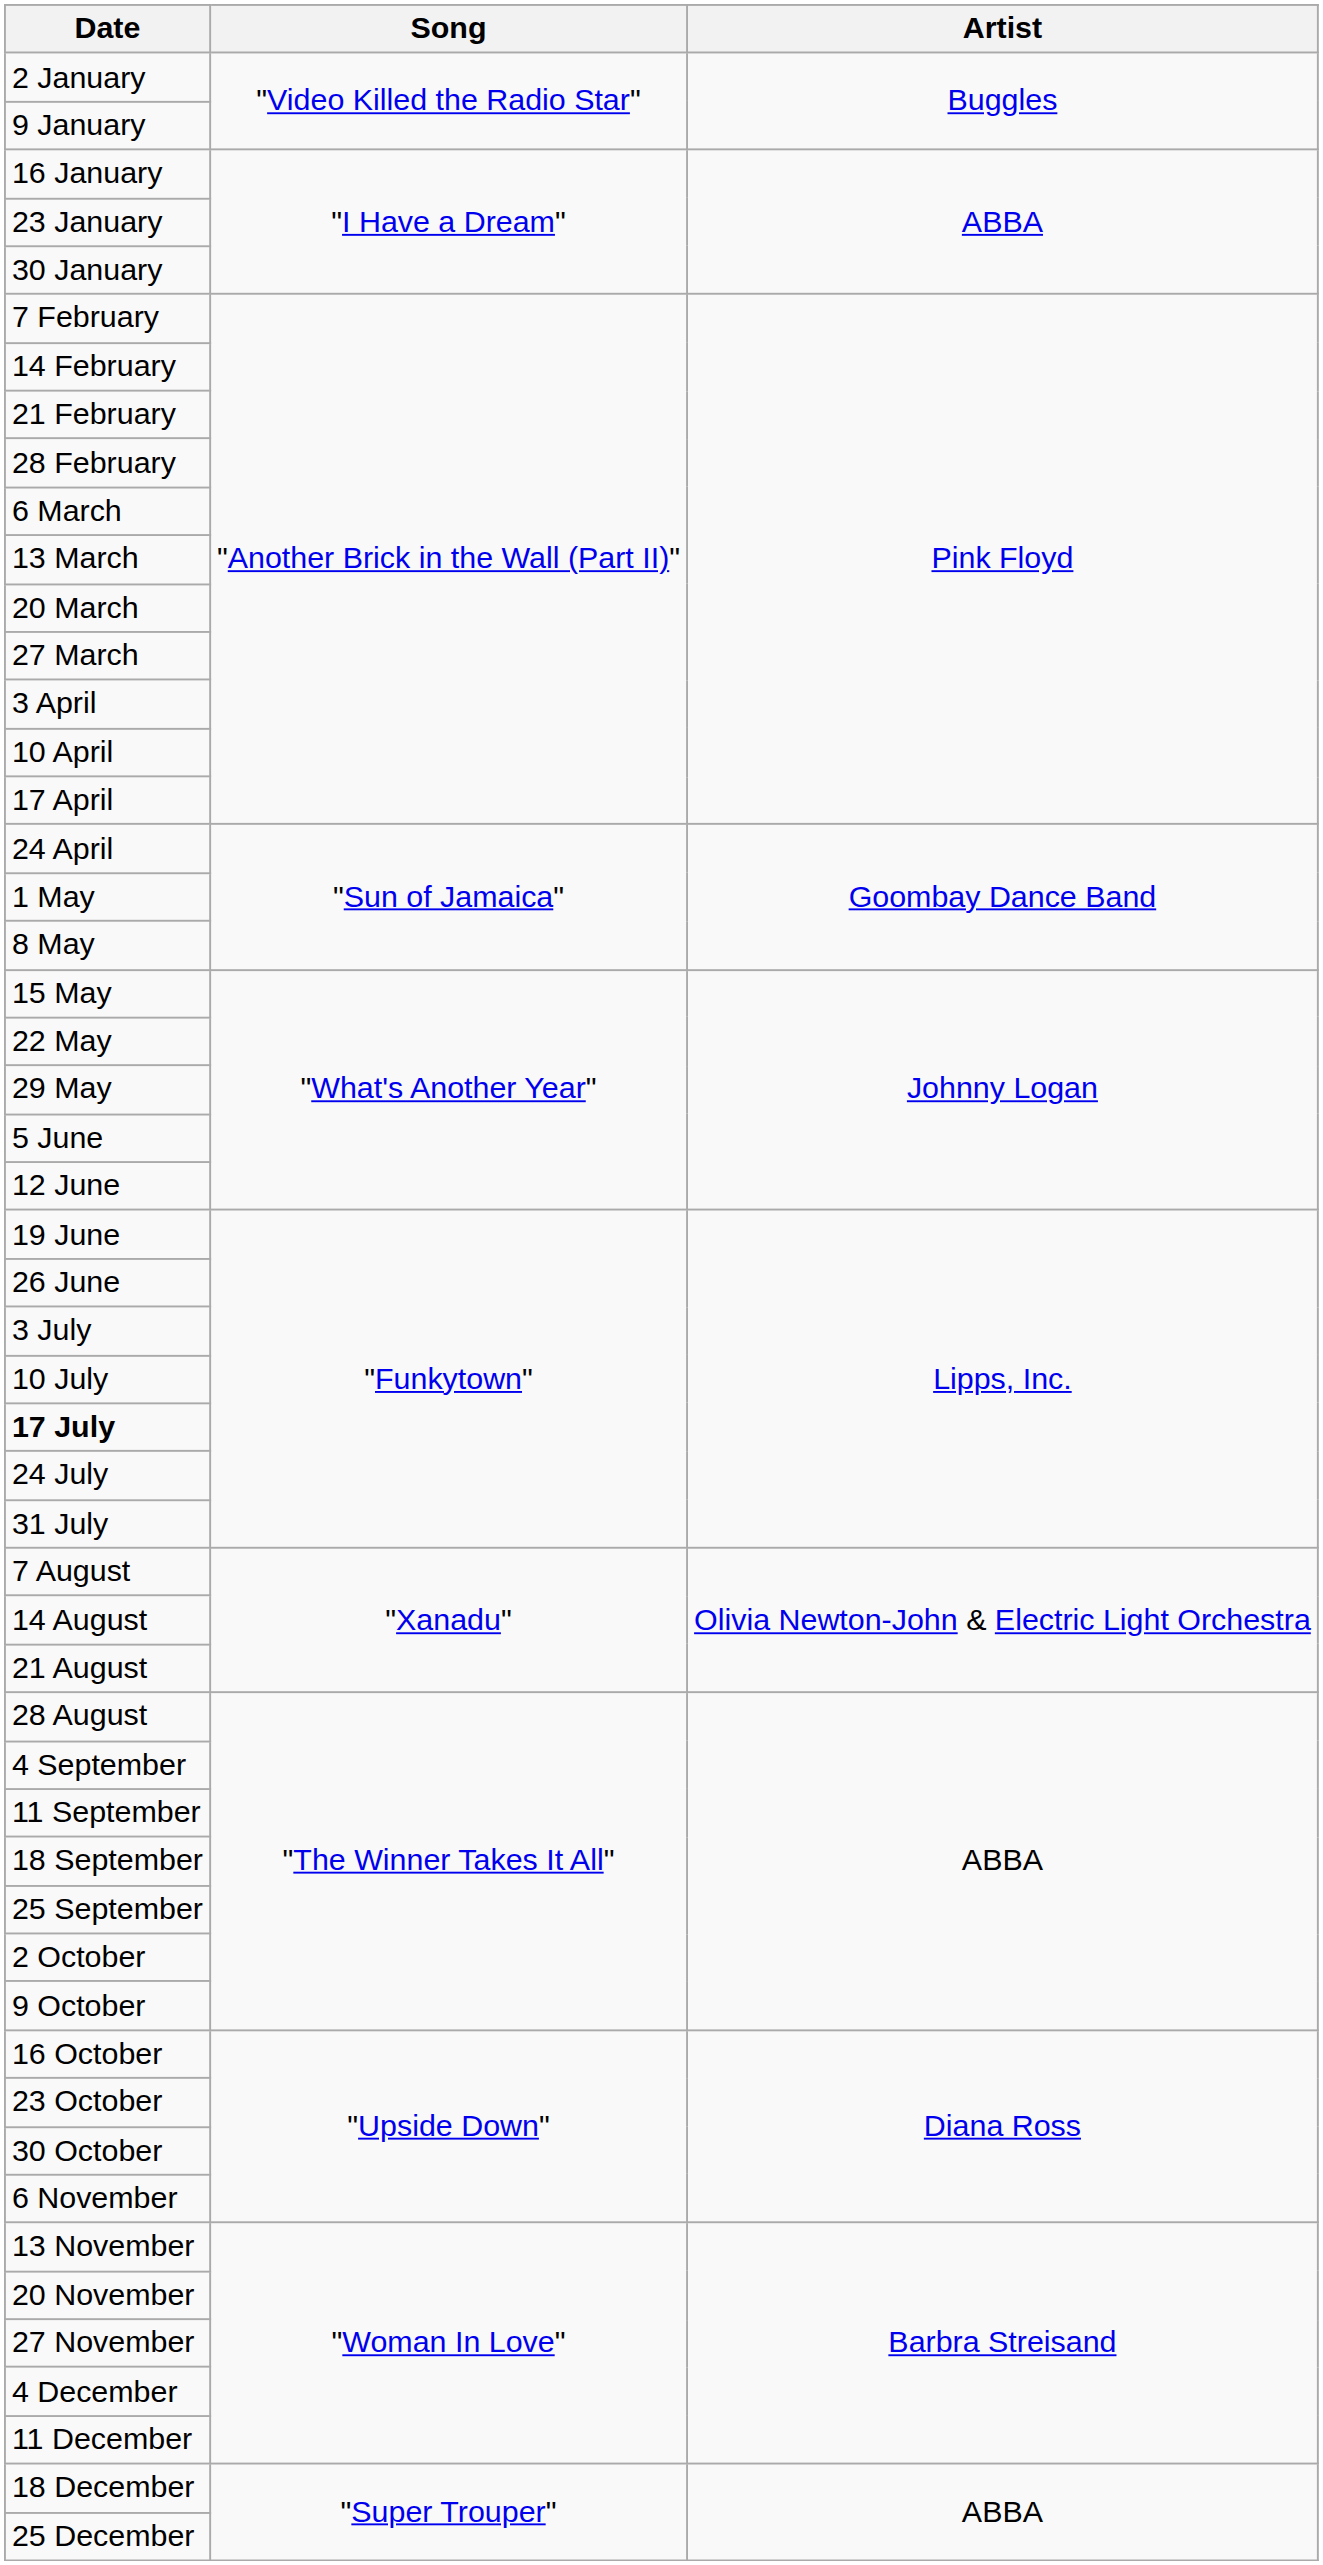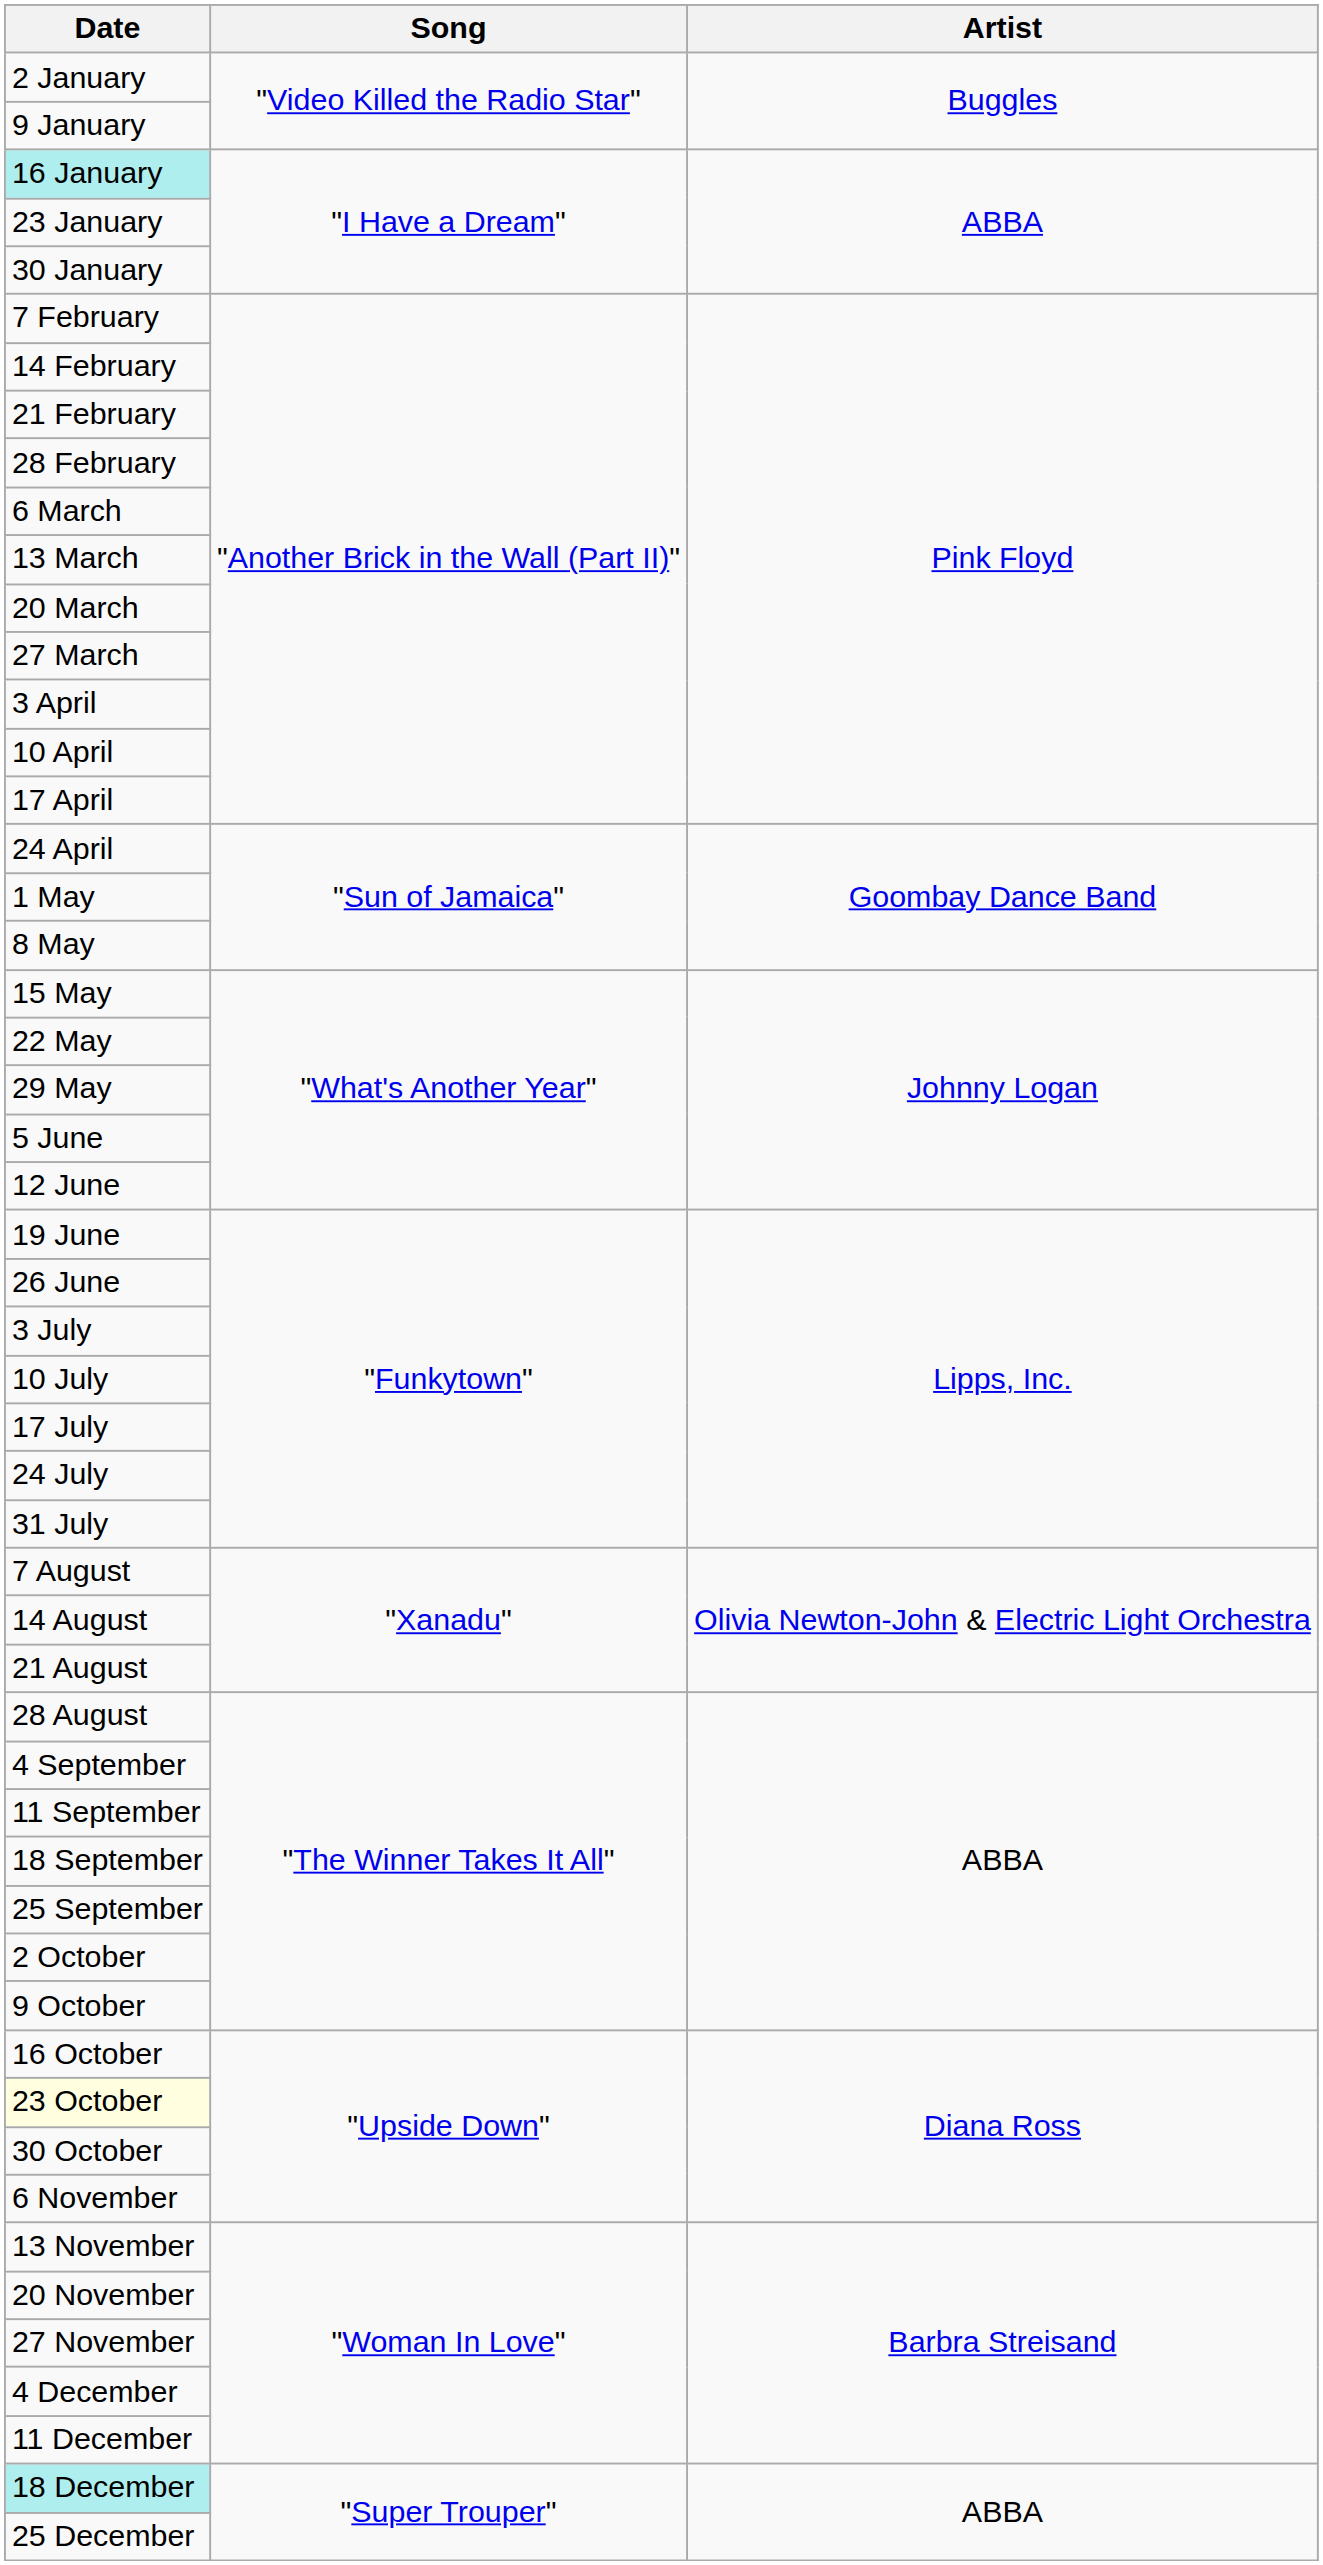 <table class="wikitable">
 <tr>
 <th>Date</th>
 <th>Song</th>
 <th>Artist</th>
 </tr>
 <tr>
 <td>2 January</td>
 <td rowspan="2" align="center">"<a href='#'>Video Killed the Radio Star</a>"</td>
 <td rowspan="2" align="center"><a href='#'>Buggles</a></td>
 </tr>
 <tr>
 <td>9 January</td>
 </tr>
 <tr>
-<td>16 January</td>
+<td style="background: paleturquoise;">16 January</td>
 <td rowspan="3" align="center">"<a href='#'>I Have a Dream</a>"</td>
 <td rowspan="3" align="center"><a href='#'>ABBA</a></td>
 </tr>
 <tr>
 <td>23 January</td>
 </tr>
 <tr>
 <td>30 January</td>
 </tr>
 <tr>
 <td>7 February</td>
 <td rowspan="11" align="center">"<a href='#'>Another Brick in the Wall (Part II)</a>"</td>
 <td rowspan="11" align="center"><a href='#'>Pink Floyd</a></td>
 </tr>
 <tr>
 <td>14 February</td>
 </tr>
 <tr>
 <td>21 February</td>
 </tr>
 <tr>
 <td>28 February</td>
 </tr>
 <tr>
 <td>6 March</td>
 </tr>
 <tr>
 <td>13 March</td>
 </tr>
 <tr>
 <td>20 March</td>
 </tr>
 <tr>
 <td>27 March</td>
 </tr>
 <tr>
 <td>3 April</td>
 </tr>
 <tr>
 <td>10 April</td>
 </tr>
 <tr>
 <td>17 April</td>
 </tr>
 <tr>
 <td>24 April</td>
 <td rowspan="3" align="center">"<a href='#'>Sun of Jamaica</a>"</td>
 <td rowspan="3" align="center"><a href='#'>Goombay Dance Band</a></td>
 </tr>
 <tr>
 <td>1 May</td>
 </tr>
 <tr>
 <td>8 May</td>
 </tr>
 <tr>
 <td>15 May</td>
 <td rowspan="5" align="center">"<a href='#'>What's Another Year</a>"</td>
 <td rowspan="5" align="center"><a href='#'>Johnny Logan</a></td>
 </tr>
 <tr>
 <td>22 May</td>
 </tr>
 <tr>
 <td>29 May</td>
 </tr>
 <tr>
 <td>5 June</td>
 </tr>
 <tr>
 <td>12 June</td>
 </tr>
 <tr>
 <td>19 June</td>
 <td rowspan="7" align="center">"<a href='#'>Funkytown</a>"</td>
 <td rowspan="7" align="center"><a href='#'>Lipps, Inc.</a></td>
 </tr>
 <tr>
 <td>26 June</td>
 </tr>
 <tr>
 <td>3 July</td>
 </tr>
 <tr>
 <td>10 July</td>
 </tr>
 <tr>
-<td><strong>17 July</strong></td>
+<td>17 July</td>
 </tr>
 <tr>
 <td>24 July</td>
 </tr>
 <tr>
 <td>31 July</td>
 </tr>
 <tr>
 <td>7 August</td>
 <td rowspan="3" align="center">"<a href='#'>Xanadu</a>"</td>
 <td rowspan="3" align="center"><a href='#'>Olivia Newton-John</a> & <a href='#'>Electric Light Orchestra</a></td>
 </tr>
 <tr>
 <td>14 August</td>
 </tr>
 <tr>
 <td>21 August</td>
 </tr>
 <tr>
 <td>28 August</td>
 <td rowspan="7" align="center">"<a href='#'>The Winner Takes It All</a>"</td>
 <td rowspan="7" align="center">ABBA</td>
 </tr>
 <tr>
 <td>4 September</td>
 </tr>
 <tr>
 <td>11 September</td>
 </tr>
 <tr>
 <td>18 September</td>
 </tr>
 <tr>
 <td>25 September</td>
 </tr>
 <tr>
 <td>2 October</td>
 </tr>
 <tr>
 <td>9 October</td>
 </tr>
 <tr>
 <td>16 October</td>
 <td rowspan="4" align="center">"<a href='#'>Upside Down</a>"</td>
 <td rowspan="4" align="center"><a href='#'>Diana Ross</a></td>
 </tr>
 <tr>
-<td>23 October</td>
+<td style="background: lightyellow;">23 October</td>
 </tr>
 <tr>
 <td>30 October</td>
 </tr>
 <tr>
 <td>6 November</td>
 </tr>
 <tr>
 <td>13 November</td>
 <td rowspan="5" align="center">"<a href='#'>Woman In Love</a>"</td>
 <td rowspan="5" align="center"><a href='#'>Barbra Streisand</a></td>
 </tr>
 <tr>
 <td>20 November</td>
 </tr>
 <tr>
 <td>27 November</td>
 </tr>
 <tr>
 <td>4 December</td>
 </tr>
 <tr>
 <td>11 December</td>
 </tr>
 <tr>
-<td>18 December</td>
+<td style="background: paleturquoise;">18 December</td>
 <td rowspan="2" align="center">"<a href='#'>Super Trouper</a>"</td>
 <td rowspan="2" align="center">ABBA</td>
 </tr>
 <tr>
 <td>25 December</td>
 </tr>
 </table>
